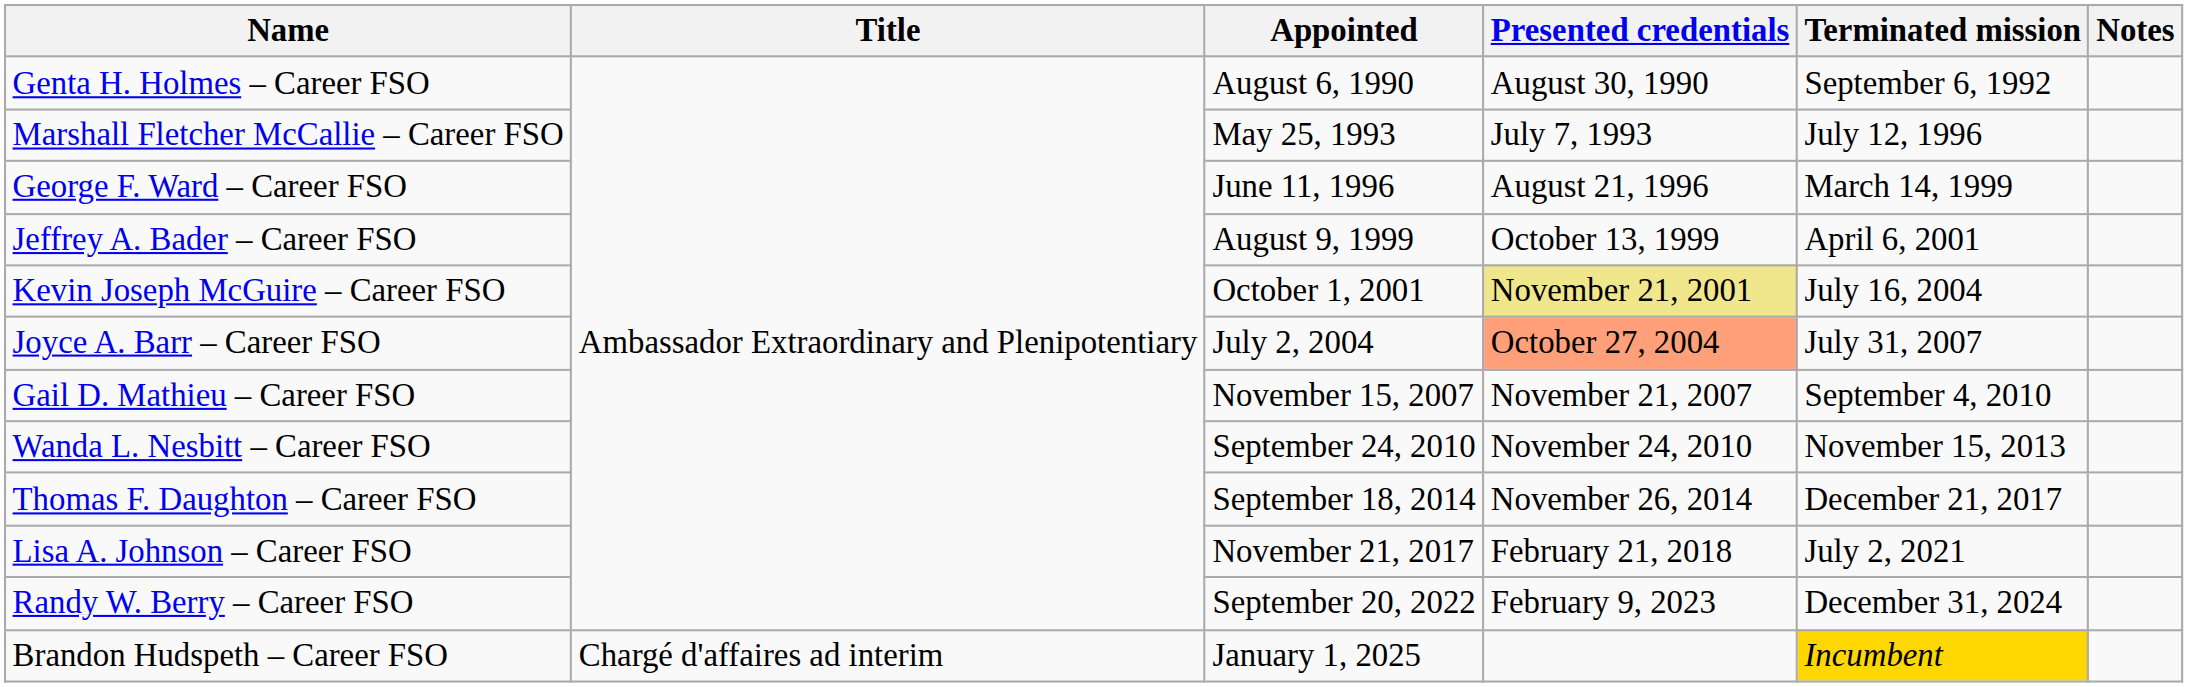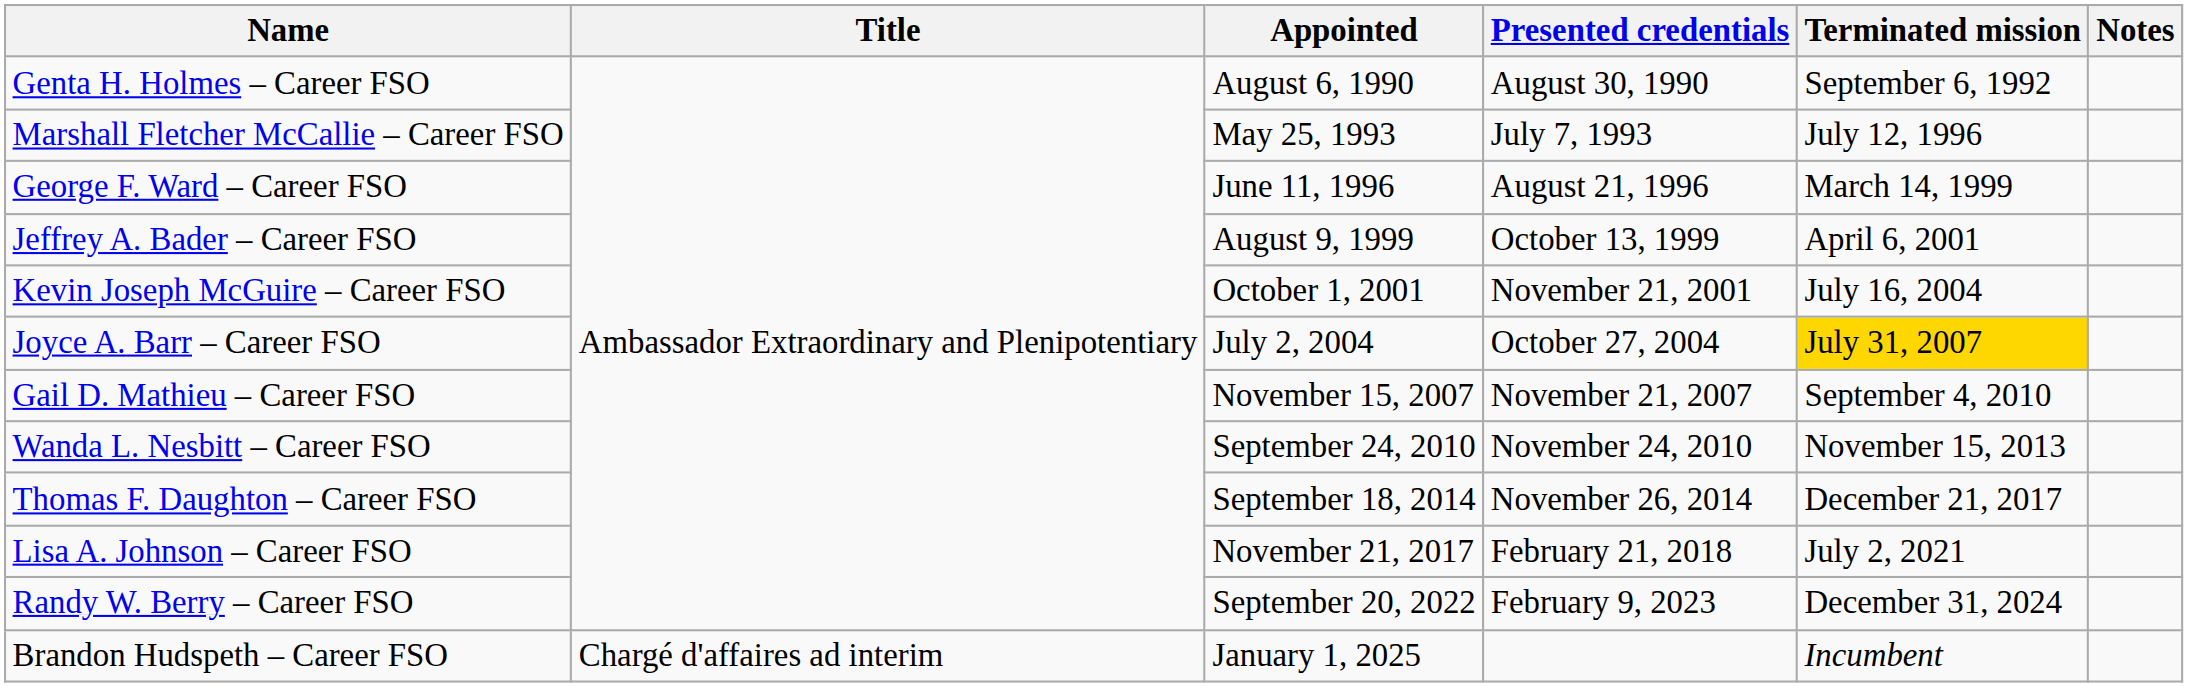 <table class="wikitable">
 <tr>
 <th>Name</th>
 <th>Title</th>
 <th>Appointed</th>
 <th><a href='#'>Presented credentials</a></th>
 <th>Terminated mission</th>
 <th>Notes</th>
 </tr>
 <tr>
 <td><a href='#'>Genta H. Holmes</a> – Career FSO</td>
 <td rowspan="11">Ambassador Extraordinary and Plenipotentiary</td>
 <td>August 6, 1990</td>
 <td>August 30, 1990</td>
 <td>September 6, 1992</td>
 <td></td>
 </tr>
 <tr>
 <td><a href='#'>Marshall Fletcher McCallie</a> – Career FSO</td>
 <td>May 25, 1993</td>
 <td>July 7, 1993</td>
 <td>July 12, 1996</td>
 <td></td>
 </tr>
 <tr>
 <td><a href='#'>George F. Ward</a> – Career FSO</td>
 <td>June 11, 1996</td>
 <td>August 21, 1996</td>
 <td>March 14, 1999</td>
 <td></td>
 </tr>
 <tr>
 <td><a href='#'>Jeffrey A. Bader</a> – Career FSO</td>
 <td>August 9, 1999</td>
 <td>October 13, 1999</td>
 <td>April 6, 2001</td>
 <td></td>
 </tr>
 <tr>
 <td><a href='#'>Kevin Joseph McGuire</a> – Career FSO</td>
 <td>October 1, 2001</td>
-<td style="background: khaki;">November 21, 2001</td>
+<td>November 21, 2001</td>
 <td>July 16, 2004</td>
 <td></td>
 </tr>
 <tr>
 <td><a href='#'>Joyce A. Barr</a> – Career FSO</td>
 <td>July 2, 2004</td>
-<td style="background: lightsalmon;">October 27, 2004</td>
-<td>July 31, 2007</td>
+<td>October 27, 2004</td>
+<td style="background: gold;">July 31, 2007</td>
 <td></td>
 </tr>
 <tr>
 <td><a href='#'>Gail D. Mathieu</a> – Career FSO</td>
 <td>November 15, 2007</td>
 <td>November 21, 2007</td>
 <td>September 4, 2010</td>
 <td></td>
 </tr>
 <tr>
 <td><a href='#'>Wanda L. Nesbitt</a> – Career FSO</td>
 <td>September 24, 2010</td>
 <td>November 24, 2010</td>
 <td>November 15, 2013</td>
 <td></td>
 </tr>
 <tr>
 <td><a href='#'>Thomas F. Daughton</a> – Career FSO</td>
 <td>September 18, 2014</td>
 <td>November 26, 2014</td>
 <td>December 21, 2017</td>
 <td></td>
 </tr>
 <tr>
 <td><a href='#'>Lisa A. Johnson</a> – Career FSO</td>
 <td>November 21, 2017</td>
 <td>February 21, 2018</td>
 <td>July 2, 2021</td>
 <td></td>
 </tr>
 <tr>
 <td><a href='#'>Randy W. Berry</a> – Career FSO</td>
 <td>September 20, 2022</td>
 <td>February 9, 2023</td>
 <td>December 31, 2024</td>
 <td></td>
 </tr>
 <tr>
 <td>Brandon Hudspeth  – Career FSO</td>
 <td>Chargé d'affaires ad interim</td>
 <td>January 1, 2025</td>
 <td></td>
-<td style="background: gold;"><em>Incumbent</em></td>
+<td><em>Incumbent</em></td>
 <td></td>
 </tr>
 </table>
